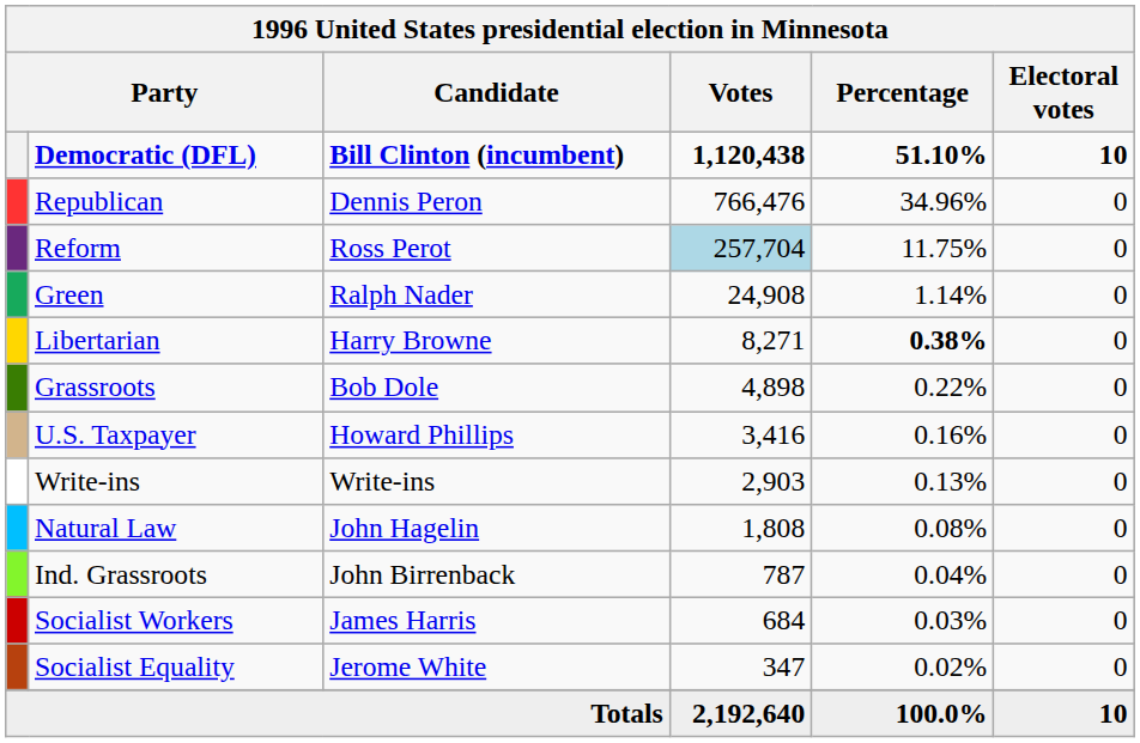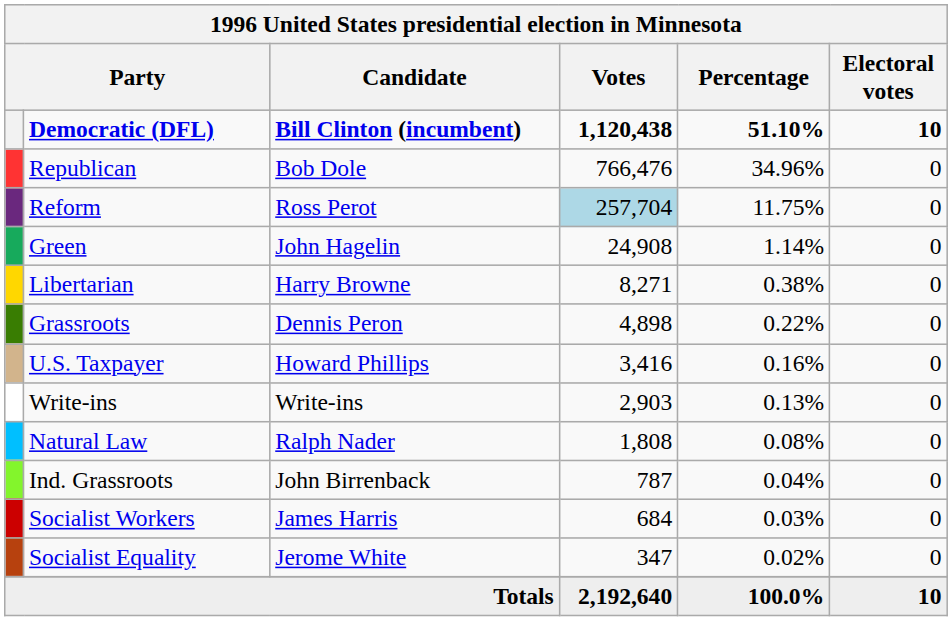 <table class="wikitable" style="font-size: 95%;">
 <tr>
 <th colspan="6">1996 United States presidential election in Minnesota</th>
 </tr>
 <tr>
 <th colspan="2" style="width: 15em">Party</th>
 <th style="width: 17em">Candidate</th>
 <th style="width: 5em">Votes</th>
 <th style="width: 7em">Percentage</th>
 <th style="width: 5em">Electoral votes</th>
 </tr>
 <tr>
 <th style="background-color:"></th>
 <td style="width: 130px"><strong><a href='#'>Democratic (DFL)</a></strong></td>
 <td><strong><a href='#'>Bill Clinton</a> (<a href='#'>incumbent</a>)</strong></td>
 <td align="right"><strong>1,120,438</strong></td>
 <td align="right"><strong>51.10%</strong></td>
 <td align="right"><strong>10</strong></td>
 </tr>
 <tr>
 <th style="background-color:#FF3333; width: 3px"></th>
 <td style="width: 130px"><a href='#'>Republican</a></td>
-<td><a href='#'>Dennis Peron</a></td>
+<td><a href='#'>Bob Dole</a></td>
 <td align="right">766,476</td>
 <td align="right">34.96%</td>
 <td align="right">0</td>
 </tr>
 <tr>
 <th style="background-color:#6A287E; width: 3px"></th>
 <td style="width: 130px"><a href='#'>Reform</a></td>
 <td><a href='#'>Ross Perot</a></td>
 <td align="right" style="background: lightblue;">257,704</td>
 <td align="right">11.75%</td>
 <td align="right">0</td>
 </tr>
 <tr>
 <th style="background-color:#17aa5c; width: 3px"></th>
 <td style="width: 130px"><a href='#'>Green</a></td>
-<td><a href='#'>Ralph Nader</a></td>
+<td><a href='#'>John Hagelin</a></td>
 <td align="right">24,908</td>
 <td align="right">1.14%</td>
 <td align="right">0</td>
 </tr>
 <tr>
 <th style="background-color:#FFD700; width: 3px"></th>
 <td style="width: 130px"><a href='#'>Libertarian</a></td>
 <td><a href='#'>Harry Browne</a></td>
 <td align="right">8,271</td>
-<td align="right"><strong>0.38%</strong></td>
+<td align="right">0.38%</td>
 <td align="right">0</td>
 </tr>
 <tr>
 <th style="background-color:#397D02; width: 3px"></th>
 <td style="width: 130px"><a href='#'>Grassroots</a></td>
-<td><a href='#'>Bob Dole</a></td>
+<td><a href='#'>Dennis Peron</a></td>
 <td align="right">4,898</td>
 <td align="right">0.22%</td>
 <td align="right">0</td>
 </tr>
 <tr>
 <th style="background-color:#D2B48C; width: 3px"></th>
 <td style="width: 130px"><a href='#'>U.S. Taxpayer</a></td>
 <td><a href='#'>Howard Phillips</a></td>
 <td align="right">3,416</td>
 <td align="right">0.16%</td>
 <td align="right">0</td>
 </tr>
 <tr>
 <th style="background-color:#FFFFFF; width: 3px"></th>
 <td style="width: 130px">Write-ins</td>
 <td>Write-ins</td>
 <td align="right">2,903</td>
 <td align="right">0.13%</td>
 <td align="right">0</td>
 </tr>
 <tr>
 <th style="background-color:#00BFFF; width: 3px"></th>
 <td style="width: 130px"><a href='#'>Natural Law</a></td>
-<td><a href='#'>John Hagelin</a></td>
+<td><a href='#'>Ralph Nader</a></td>
 <td align="right">1,808</td>
 <td align="right">0.08%</td>
 <td align="right">0</td>
 </tr>
 <tr>
 <th style="background-color:#83F52C; width: 3px"></th>
 <td style="width: 130px">Ind. Grassroots</td>
 <td>John Birrenback</td>
 <td align="right">787</td>
 <td align="right">0.04%</td>
 <td align="right">0</td>
 </tr>
 <tr>
 <th style="background-color:#CC0000; width: 3px"></th>
 <td style="width: 130px"><a href='#'>Socialist Workers</a></td>
 <td><a href='#'>James Harris</a></td>
 <td align="right">684</td>
 <td align="right">0.03%</td>
 <td align="right">0</td>
 </tr>
 <tr>
 <th style="background-color:#B7410E; width: 3px"></th>
 <td style="width: 130px"><a href='#'>Socialist Equality</a></td>
 <td><a href='#'>Jerome White</a></td>
 <td align="right">347</td>
 <td align="right">0.02%</td>
 <td align="right">0</td>
 </tr>
 <tr>
 </tr>
 <tr bgcolor="#EEEEEE">
 <td colspan="3" align="right"><strong>Totals</strong></td>
 <td align="right"><strong>2,192,640</strong></td>
 <td align="right"><strong>100.0%</strong></td>
 <td align="right"><strong>10</strong></td>
 </tr>
 </table>
